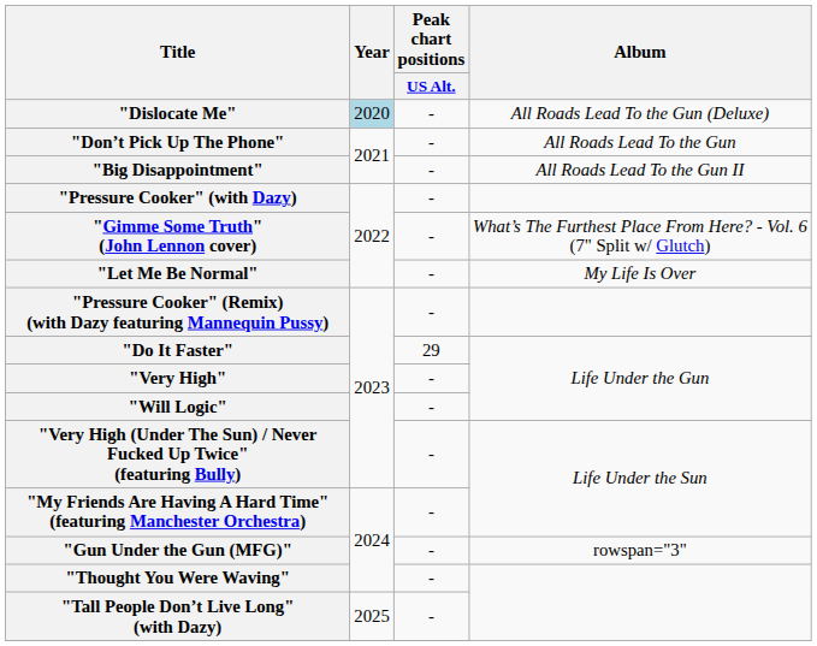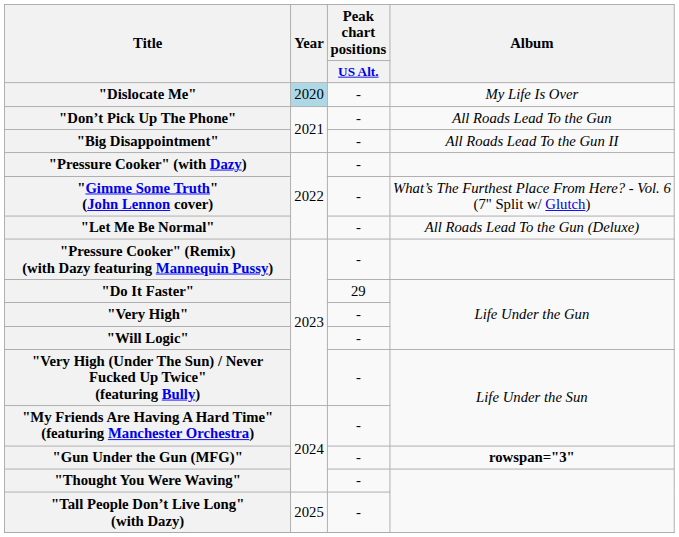 <table class="wikitable plainrowheaders" style="text-align:center;">
 <tr>
 <th scope="col" rowspan="2" style="width:19em;">Title</th>
 <th scope="col" rowspan="2">Year</th>
 <th scope="col" colspan="1">Peak chart positions</th>
 <th scope="col" rowspan="2">Album</th>
 </tr>
 <tr>
 <th scope="col" style="width:3em;font-size:90%;"><a href='#'>US Alt.</a></th>
 </tr>
 <tr>
 <th scope="row">"Dislocate Me"</th>
 <td style="background: lightblue;">2020</td>
 <td>-</td>
-<td><em>All Roads Lead To the Gun (Deluxe)</em></td>
+<td><em>My Life Is Over</em></td>
 </tr>
 <tr>
 <th scope="row">"Don’t Pick Up The Phone"</th>
 <td rowspan="2">2021</td>
 <td>-</td>
 <td><em>All Roads Lead To the Gun</em></td>
 </tr>
 <tr>
 <th scope="row">"Big Disappointment"</th>
 <td>-</td>
 <td><em>All Roads Lead To the Gun II</em></td>
 </tr>
 <tr>
 <th scope="row">"Pressure Cooker" <span>(with <a href='#'>Dazy</a>)</span></th>
 <td rowspan="3">2022</td>
 <td>-</td>
 <td></td>
 </tr>
 <tr>
 <th scope="row">"<a href='#'>Gimme Some Truth</a>" <br><span>(<a href='#'>John Lennon</a> cover)</span></th>
 <td>-</td>
 <td><em>What’s The Furthest Place From Here? - Vol. 6</em> <br><span>(7" Split w/ <a href='#'>Glutch</a>)</span></td>
 </tr>
 <tr>
 <th scope="row">"Let Me Be Normal"</th>
 <td>-</td>
-<td><em>My Life Is Over</em></td>
+<td><em>All Roads Lead To the Gun (Deluxe)</em></td>
 </tr>
 <tr>
 <th scope="row">"Pressure Cooker" (Remix) <br><span>(with Dazy featuring <a href='#'>Mannequin Pussy</a>)</span></th>
 <td rowspan="5">2023</td>
 <td>-</td>
 <td></td>
 </tr>
 <tr>
 <th scope="row">"Do It Faster"</th>
 <td>29</td>
 <td rowspan="3"><em>Life Under the Gun</em></td>
 </tr>
 <tr>
 <th scope="row">"Very High"</th>
 <td>-</td>
 </tr>
 <tr>
 <th scope="row">"Will Logic"</th>
 <td>-</td>
 </tr>
 <tr>
 <th scope="row">"Very High (Under The Sun) / Never Fucked Up Twice"<span> <br>(featuring <a href='#'>Bully</a>)</span></th>
 <td>-</td>
 <td rowspan="2"><em>Life Under the Sun</em></td>
 </tr>
 <tr>
 <th scope="row">"My Friends Are Having A Hard Time" <br><span>(featuring <a href='#'>Manchester Orchestra</a>)</span></th>
 <td rowspan="3">2024</td>
 <td>-</td>
 </tr>
 <tr>
 <th scope="row">"Gun Under the Gun (MFG)"</th>
 <td>-</td>
-<td>rowspan="3" </td>
+<td><strong>rowspan="3" </strong></td>
 </tr>
 <tr>
 <th scope="row">"Thought You Were Waving"</th>
 <td>-</td>
 </tr>
 <tr>
 <th scope="row">"Tall People Don’t Live Long" <br><span>(with Dazy)</span></th>
 <td>2025</td>
 <td>-</td>
 </tr>
 <tr>
 </tr>
 </table>
